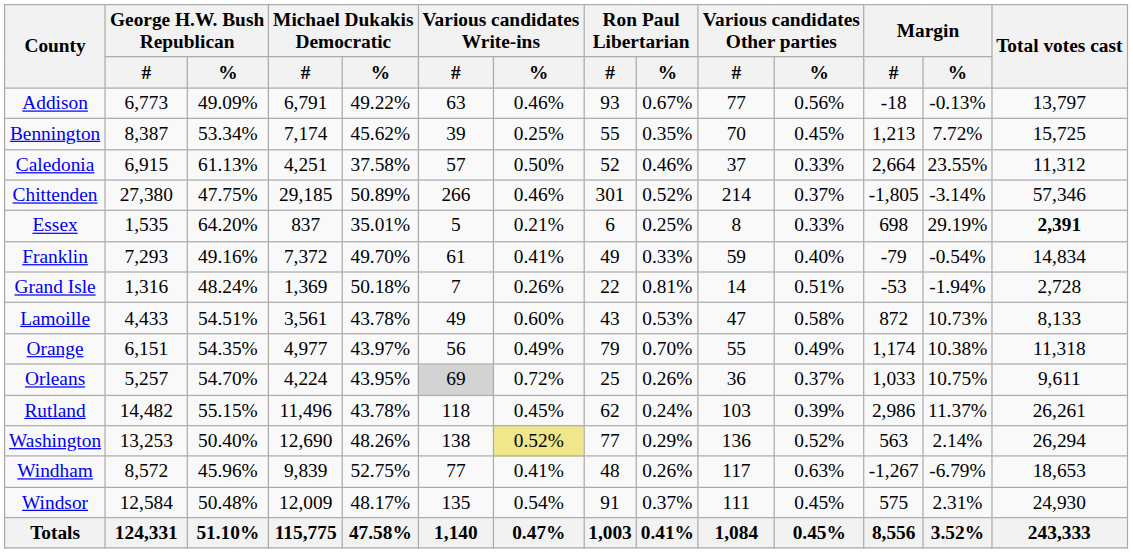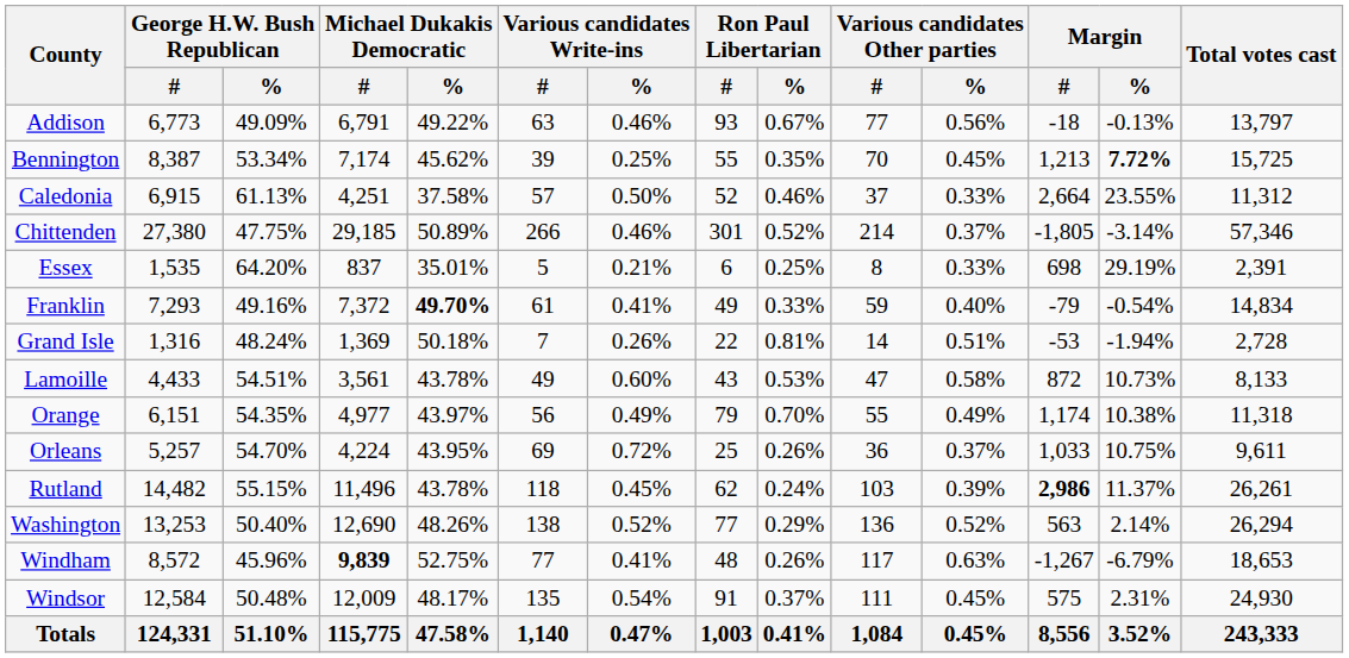 <table class="wikitable sortable">
 <tr>
 <th rowspan="2">County</th>
 <th colspan="2">George H.W. Bush<br>Republican</th>
 <th colspan="2">Michael Dukakis<br>Democratic</th>
 <th colspan="2">Various candidates<br>Write-ins</th>
 <th colspan="2">Ron Paul<br>Libertarian</th>
 <th colspan="2">Various candidates<br>Other parties</th>
 <th colspan="2">Margin</th>
 <th rowspan="2">Total votes cast</th>
 </tr>
 <tr bgcolor="lightgrey">
 <th data-sort-type="number">#</th>
 <th data-sort-type="number">%</th>
 <th data-sort-type="number">#</th>
 <th data-sort-type="number">%</th>
 <th data-sort-type="number">#</th>
 <th data-sort-type="number">%</th>
 <th data-sort-type="number">#</th>
 <th data-sort-type="number">%</th>
 <th data-sort-type="number">#</th>
 <th data-sort-type="number">%</th>
 <th data-sort-type="number">#</th>
 <th data-sort-type="number">%</th>
 </tr>
 <tr style="text-align:center;">
 <td><a href='#'>Addison</a></td>
 <td>6,773</td>
 <td>49.09%</td>
 <td>6,791</td>
 <td>49.22%</td>
 <td>63</td>
 <td>0.46%</td>
 <td>93</td>
 <td>0.67%</td>
 <td>77</td>
 <td>0.56%</td>
 <td>-18</td>
 <td>-0.13%</td>
 <td>13,797</td>
 </tr>
 <tr style="text-align:center;">
 <td><a href='#'>Bennington</a></td>
 <td>8,387</td>
 <td>53.34%</td>
 <td>7,174</td>
 <td>45.62%</td>
 <td>39</td>
 <td>0.25%</td>
 <td>55</td>
 <td>0.35%</td>
 <td>70</td>
 <td>0.45%</td>
 <td>1,213</td>
-<td>7.72%</td>
+<td><strong>7.72%</strong></td>
 <td>15,725</td>
 </tr>
 <tr style="text-align:center;">
 <td><a href='#'>Caledonia</a></td>
 <td>6,915</td>
 <td>61.13%</td>
 <td>4,251</td>
 <td>37.58%</td>
 <td>57</td>
 <td>0.50%</td>
 <td>52</td>
 <td>0.46%</td>
 <td>37</td>
 <td>0.33%</td>
 <td>2,664</td>
 <td>23.55%</td>
 <td>11,312</td>
 </tr>
 <tr style="text-align:center;">
 <td><a href='#'>Chittenden</a></td>
 <td>27,380</td>
 <td>47.75%</td>
 <td>29,185</td>
 <td>50.89%</td>
 <td>266</td>
 <td>0.46%</td>
 <td>301</td>
 <td>0.52%</td>
 <td>214</td>
 <td>0.37%</td>
 <td>-1,805</td>
 <td>-3.14%</td>
 <td>57,346</td>
 </tr>
 <tr style="text-align:center;">
 <td><a href='#'>Essex</a></td>
 <td>1,535</td>
 <td>64.20%</td>
 <td>837</td>
 <td>35.01%</td>
 <td>5</td>
 <td>0.21%</td>
 <td>6</td>
 <td>0.25%</td>
 <td>8</td>
 <td>0.33%</td>
 <td>698</td>
 <td>29.19%</td>
-<td><strong>2,391</strong></td>
+<td>2,391</td>
 </tr>
 <tr style="text-align:center;">
 <td><a href='#'>Franklin</a></td>
 <td>7,293</td>
 <td>49.16%</td>
 <td>7,372</td>
-<td>49.70%</td>
+<td><strong>49.70%</strong></td>
 <td>61</td>
 <td>0.41%</td>
 <td>49</td>
 <td>0.33%</td>
 <td>59</td>
 <td>0.40%</td>
 <td>-79</td>
 <td>-0.54%</td>
 <td>14,834</td>
 </tr>
 <tr style="text-align:center;">
 <td><a href='#'>Grand Isle</a></td>
 <td>1,316</td>
 <td>48.24%</td>
 <td>1,369</td>
 <td>50.18%</td>
 <td>7</td>
 <td>0.26%</td>
 <td>22</td>
 <td>0.81%</td>
 <td>14</td>
 <td>0.51%</td>
 <td>-53</td>
 <td>-1.94%</td>
 <td>2,728</td>
 </tr>
 <tr style="text-align:center;">
 <td><a href='#'>Lamoille</a></td>
 <td>4,433</td>
 <td>54.51%</td>
 <td>3,561</td>
 <td>43.78%</td>
 <td>49</td>
 <td>0.60%</td>
 <td>43</td>
 <td>0.53%</td>
 <td>47</td>
 <td>0.58%</td>
 <td>872</td>
 <td>10.73%</td>
 <td>8,133</td>
 </tr>
 <tr style="text-align:center;">
 <td><a href='#'>Orange</a></td>
 <td>6,151</td>
 <td>54.35%</td>
 <td>4,977</td>
 <td>43.97%</td>
 <td>56</td>
 <td>0.49%</td>
 <td>79</td>
 <td>0.70%</td>
 <td>55</td>
 <td>0.49%</td>
 <td>1,174</td>
 <td>10.38%</td>
 <td>11,318</td>
 </tr>
 <tr style="text-align:center;">
 <td><a href='#'>Orleans</a></td>
 <td>5,257</td>
 <td>54.70%</td>
 <td>4,224</td>
 <td>43.95%</td>
-<td style="background: lightgrey;">69</td>
+<td>69</td>
 <td>0.72%</td>
 <td>25</td>
 <td>0.26%</td>
 <td>36</td>
 <td>0.37%</td>
 <td>1,033</td>
 <td>10.75%</td>
 <td>9,611</td>
 </tr>
 <tr style="text-align:center;">
 <td><a href='#'>Rutland</a></td>
 <td>14,482</td>
 <td>55.15%</td>
 <td>11,496</td>
 <td>43.78%</td>
 <td>118</td>
 <td>0.45%</td>
 <td>62</td>
 <td>0.24%</td>
 <td>103</td>
 <td>0.39%</td>
-<td>2,986</td>
+<td><strong>2,986</strong></td>
 <td>11.37%</td>
 <td>26,261</td>
 </tr>
 <tr style="text-align:center;">
 <td><a href='#'>Washington</a></td>
 <td>13,253</td>
 <td>50.40%</td>
 <td>12,690</td>
 <td>48.26%</td>
 <td>138</td>
-<td style="background: khaki;">0.52%</td>
+<td>0.52%</td>
 <td>77</td>
 <td>0.29%</td>
 <td>136</td>
 <td>0.52%</td>
 <td>563</td>
 <td>2.14%</td>
 <td>26,294</td>
 </tr>
 <tr style="text-align:center;">
 <td><a href='#'>Windham</a></td>
 <td>8,572</td>
 <td>45.96%</td>
-<td>9,839</td>
+<td><strong>9,839</strong></td>
 <td>52.75%</td>
 <td>77</td>
 <td>0.41%</td>
 <td>48</td>
 <td>0.26%</td>
 <td>117</td>
 <td>0.63%</td>
 <td>-1,267</td>
 <td>-6.79%</td>
 <td>18,653</td>
 </tr>
 <tr style="text-align:center;">
 <td><a href='#'>Windsor</a></td>
 <td>12,584</td>
 <td>50.48%</td>
 <td>12,009</td>
 <td>48.17%</td>
 <td>135</td>
 <td>0.54%</td>
 <td>91</td>
 <td>0.37%</td>
 <td>111</td>
 <td>0.45%</td>
 <td>575</td>
 <td>2.31%</td>
 <td>24,930</td>
 </tr>
 <tr>
 <th>Totals</th>
 <th>124,331</th>
 <th>51.10%</th>
 <th>115,775</th>
 <th>47.58%</th>
 <th>1,140</th>
 <th>0.47%</th>
 <th>1,003</th>
 <th>0.41%</th>
 <th>1,084</th>
 <th>0.45%</th>
 <th>8,556</th>
 <th>3.52%</th>
 <th>243,333</th>
 </tr>
 </table>
